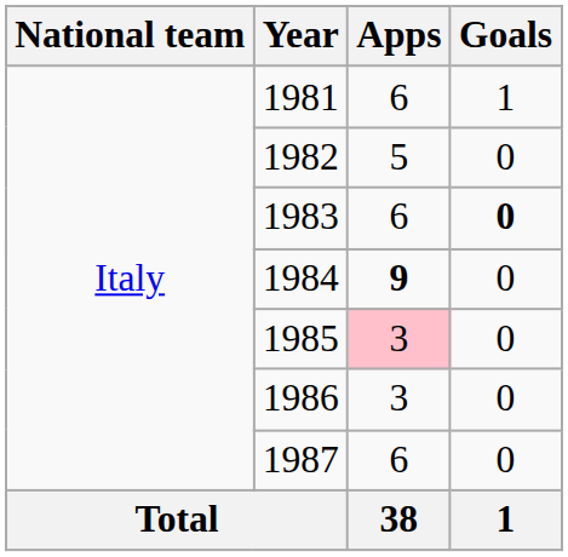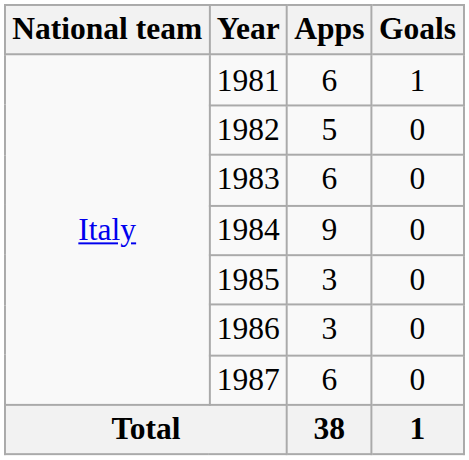 <table class=wikitable style="text-align: center;">
 <tr>
 <th>National team</th>
 <th>Year</th>
 <th>Apps</th>
 <th>Goals</th>
 </tr>
 <tr>
 <td rowspan=7><a href='#'>Italy</a></td>
 <td>1981</td>
 <td>6</td>
 <td>1</td>
 </tr>
 <tr>
 <td>1982</td>
 <td>5</td>
 <td>0</td>
 </tr>
 <tr>
 <td>1983</td>
 <td>6</td>
-<td><strong>0</strong></td>
+<td>0</td>
 </tr>
 <tr>
 <td>1984</td>
-<td><strong>9</strong></td>
+<td>9</td>
 <td>0</td>
 </tr>
 <tr>
 <td>1985</td>
-<td style="background: pink;">3</td>
+<td>3</td>
 <td>0</td>
 </tr>
 <tr>
 <td>1986</td>
 <td>3</td>
 <td>0</td>
 </tr>
 <tr>
 <td>1987</td>
 <td>6</td>
 <td>0</td>
 </tr>
 <tr>
 <th colspan=2>Total</th>
 <th>38</th>
 <th>1</th>
 </tr>
 </table>
